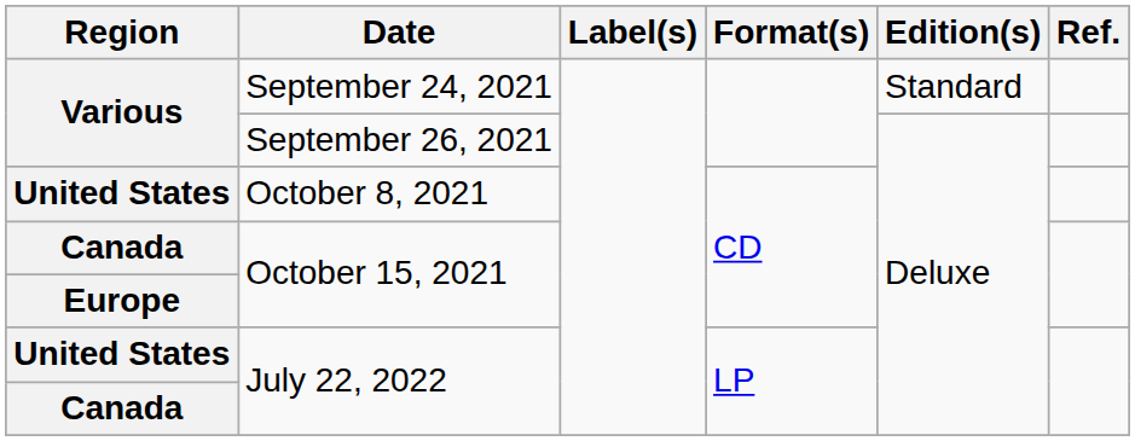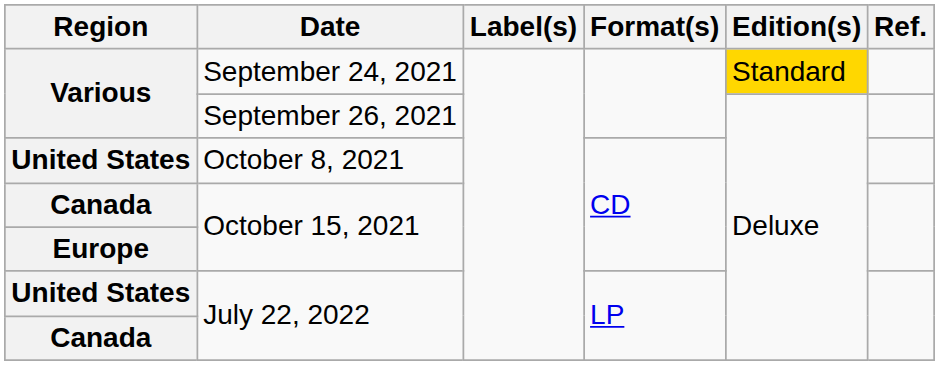 <table class="wikitable plainrowheaders">
 <tr>
 <th scope="col">Region</th>
 <th scope="col">Date</th>
 <th scope="col">Label(s)</th>
 <th scope="col">Format(s)</th>
 <th scope="col">Edition(s)</th>
 <th scope="col">Ref.</th>
 </tr>
 <tr>
 <th scope="row" rowspan="2">Various</th>
 <td>September 24, 2021</td>
 <td rowspan="7"></td>
 <td rowspan="2"></td>
-<td>Standard</td>
+<td style="background: gold;">Standard</td>
 <td style="text-align: center"></td>
 </tr>
 <tr>
 <td>September 26, 2021</td>
 <td rowspan="6">Deluxe</td>
 <td style="text-align: center"></td>
 </tr>
 <tr>
 <th scope="row" rowspan="1">United States</th>
 <td>October 8, 2021</td>
 <td rowspan="3"><a href='#'>CD</a></td>
 <td style="text-align: center"></td>
 </tr>
 <tr>
 <th scope="row" rowspan="1">Canada</th>
 <td rowspan="2">October 15, 2021</td>
 <td rowspan="2" style="text-align: center"></td>
 </tr>
 <tr>
 <th scope="row" rowspan="1">Europe</th>
 </tr>
 <tr>
 <th scope="row" rowspan="1">United States</th>
 <td rowspan="2">July 22, 2022</td>
 <td rowspan="2"><a href='#'>LP</a></td>
 <td rowspan="2" style="text-align: center"></td>
 </tr>
 <tr>
 <th scope="row" rowspan="1">Canada</th>
 </tr>
 </table>
